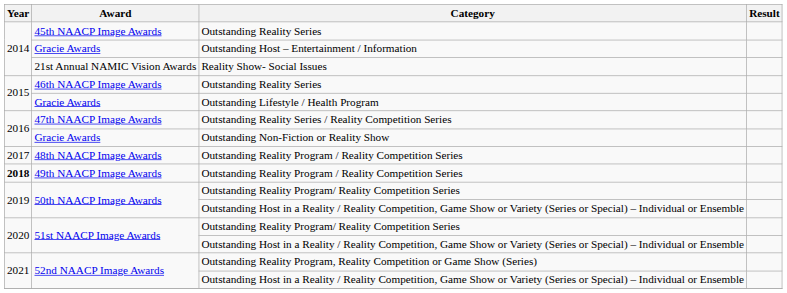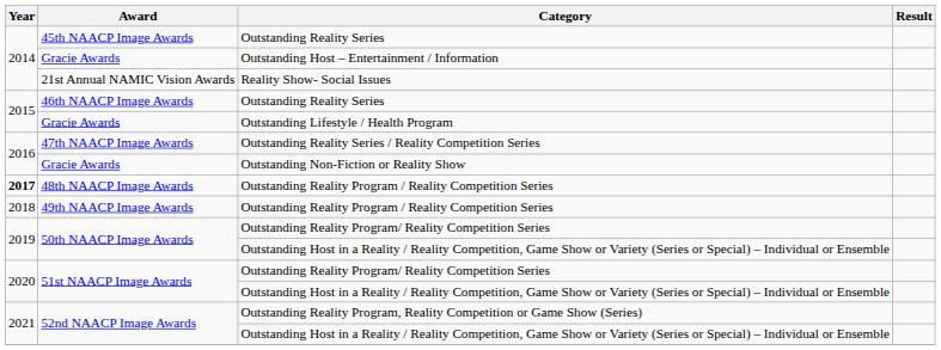 <table class="wikitable">
 <tr>
 <th>Year</th>
 <th>Award</th>
 <th>Category</th>
 <th>Result</th>
 </tr>
 <tr>
 <td style="text-align:center;" rowspan="3">2014</td>
 <td><a href='#'>45th NAACP Image Awards</a></td>
 <td>Outstanding Reality Series</td>
 <td></td>
 </tr>
 <tr>
 <td><a href='#'>Gracie Awards</a></td>
 <td>Outstanding Host – Entertainment / Information</td>
 <td></td>
 </tr>
 <tr>
 <td>21st Annual NAMIC Vision Awards</td>
 <td>Reality Show- Social Issues</td>
 <td></td>
 </tr>
 <tr>
 <td style="text-align:center;" rowspan="2">2015</td>
 <td><a href='#'>46th NAACP Image Awards</a></td>
 <td>Outstanding Reality Series</td>
 <td></td>
 </tr>
 <tr>
 <td><a href='#'>Gracie Awards</a></td>
 <td>Outstanding Lifestyle / Health Program</td>
 <td></td>
 </tr>
 <tr>
 <td style="text-align:center;" rowspan="2">2016</td>
 <td><a href='#'>47th NAACP Image Awards</a></td>
 <td>Outstanding Reality Series / Reality Competition Series</td>
 <td></td>
 </tr>
 <tr>
 <td><a href='#'>Gracie Awards</a></td>
 <td>Outstanding Non-Fiction or Reality Show</td>
 <td></td>
 </tr>
 <tr>
-<td style="text-align:center;" rowspan="1">2017</td>
+<td style="text-align:center;" rowspan="1"><strong>2017</strong></td>
 <td><a href='#'>48th NAACP Image Awards</a></td>
 <td>Outstanding Reality Program / Reality Competition Series</td>
 <td></td>
 </tr>
 <tr>
-<td style="text-align:center;" rowspan="1"><strong>2018</strong></td>
+<td style="text-align:center;" rowspan="1">2018</td>
 <td><a href='#'>49th NAACP Image Awards</a></td>
 <td>Outstanding Reality Program / Reality Competition Series</td>
 <td></td>
 </tr>
 <tr>
 <td style="text-align:center;" rowspan="2">2019</td>
 <td rowspan="2"><a href='#'>50th NAACP Image Awards</a></td>
 <td>Outstanding Reality Program/ Reality Competition Series</td>
 <td></td>
 </tr>
 <tr>
 <td>Outstanding Host in a Reality / Reality Competition, Game Show or Variety (Series or Special) – Individual or Ensemble</td>
 <td></td>
 </tr>
 <tr>
 <td style="text-align:center;" rowspan="2">2020</td>
 <td rowspan="2"><a href='#'>51st NAACP Image Awards</a></td>
 <td>Outstanding Reality Program/ Reality Competition Series</td>
 <td></td>
 </tr>
 <tr>
 <td>Outstanding Host in a Reality / Reality Competition, Game Show or Variety (Series or Special) – Individual or Ensemble</td>
 <td></td>
 </tr>
 <tr>
 <td style="text-align:center;" rowspan="2">2021</td>
 <td rowspan="2"><a href='#'>52nd NAACP Image Awards</a></td>
 <td>Outstanding Reality Program, Reality Competition or Game Show (Series)</td>
 <td></td>
 </tr>
 <tr>
 <td>Outstanding Host in a Reality / Reality Competition, Game Show or Variety (Series or Special) – Individual or Ensemble</td>
 <td></td>
 </tr>
 <tr>
 </tr>
 </table>
